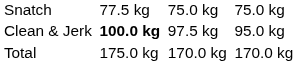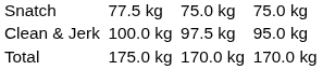 <table>
 <tr>
 <td>Snatch</td>
 <td></td>
 <td>77.5 kg</td>
 <td></td>
 <td>75.0 kg</td>
 <td></td>
 <td>75.0 kg</td>
 </tr>
 <tr>
 <td>Clean & Jerk</td>
 <td></td>
-<td><strong>100.0 kg</strong></td>
+<td>100.0 kg</td>
 <td></td>
 <td>97.5 kg</td>
 <td></td>
 <td>95.0 kg</td>
 </tr>
 <tr>
 <td>Total</td>
 <td></td>
 <td>175.0 kg</td>
 <td></td>
 <td>170.0 kg</td>
 <td></td>
 <td>170.0 kg</td>
 </tr>
 </table>
